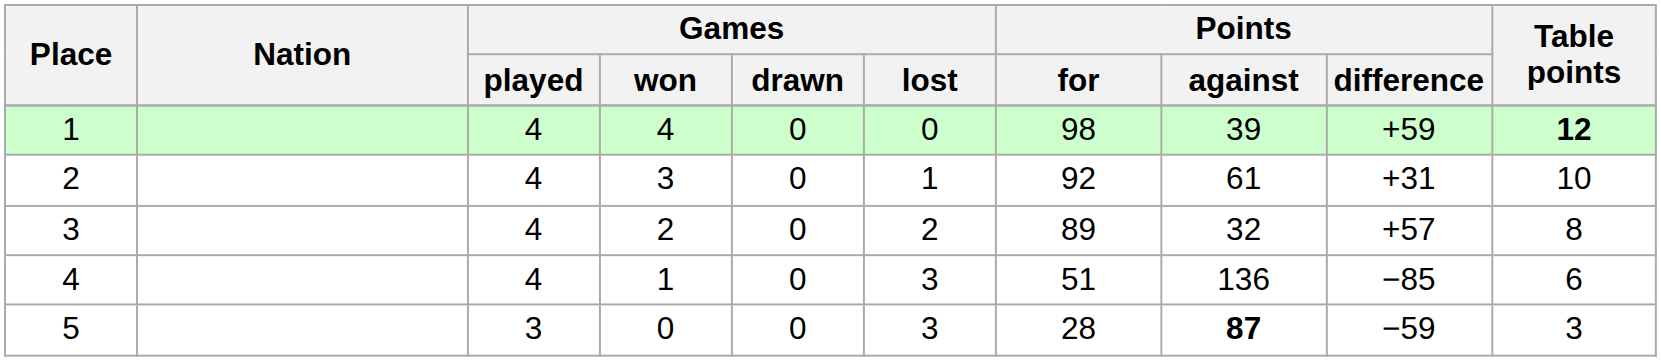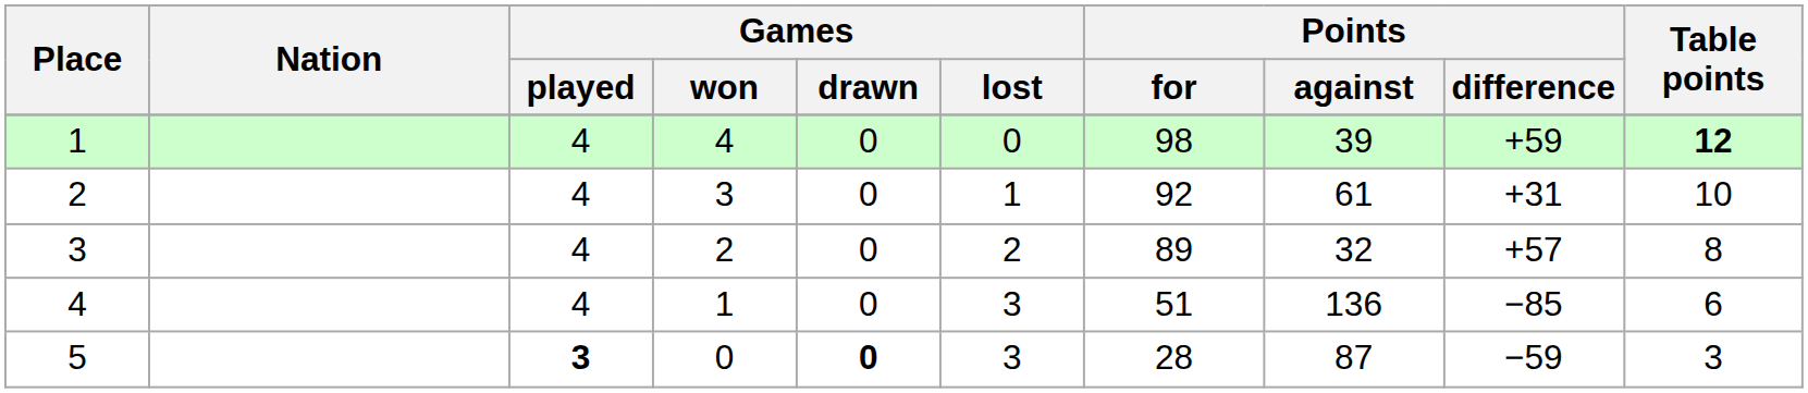 <table class="wikitable">
 <tr>
 <th rowspan=2 width="8%">Place</th>
 <th rowspan=2 width="20%">Nation</th>
 <th colspan=4 width="32%">Games</th>
 <th colspan=3 width="30%">Points</th>
 <th rowspan=2 width="10%">Table<br>points</th>
 </tr>
 <tr>
 <th width="8%">played</th>
 <th width="8%">won</th>
 <th width="8%">drawn</th>
 <th width="8%">lost</th>
 <th width="10%">for</th>
 <th width="10%">against</th>
 <th width="10%">difference</th>
 </tr>
 <tr>
 </tr>
 <tr bgcolor=#ccffcc align=center>
 <td>1</td>
 <td align=left><strong></strong></td>
 <td>4</td>
 <td>4</td>
 <td>0</td>
 <td>0</td>
 <td>98</td>
 <td>39</td>
 <td>+59</td>
 <td><strong>12</strong></td>
 </tr>
 <tr bgcolor=#ffffff align=center>
 <td>2</td>
 <td align=left></td>
 <td>4</td>
 <td>3</td>
 <td>0</td>
 <td>1</td>
 <td>92</td>
 <td>61</td>
 <td>+31</td>
 <td>10</td>
 </tr>
 <tr bgcolor=#ffffff align=center>
 <td>3</td>
 <td align=left></td>
 <td>4</td>
 <td>2</td>
 <td>0</td>
 <td>2</td>
 <td>89</td>
 <td>32</td>
 <td>+57</td>
 <td>8</td>
 </tr>
 <tr bgcolor=#ffffff align=center>
 <td>4</td>
 <td align=left></td>
 <td>4</td>
 <td>1</td>
 <td>0</td>
 <td>3</td>
 <td>51</td>
 <td>136</td>
 <td>−85</td>
 <td>6</td>
 </tr>
 <tr bgcolor=#ffffff align=center>
 <td>5</td>
 <td align=left></td>
-<td>3</td>
+<td><strong>3</strong></td>
 <td>0</td>
-<td>0</td>
+<td><strong>0</strong></td>
 <td>3</td>
 <td>28</td>
-<td><strong>87</strong></td>
+<td>87</td>
 <td>−59</td>
 <td>3</td>
 </tr>
 </table>
